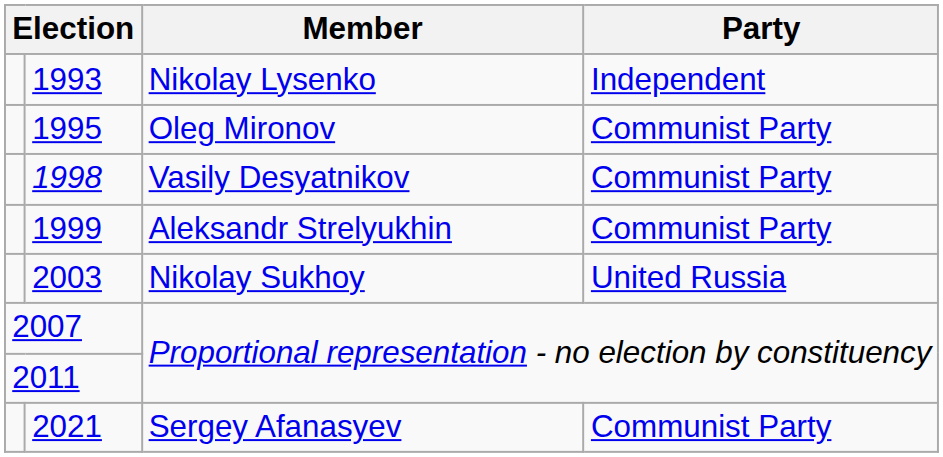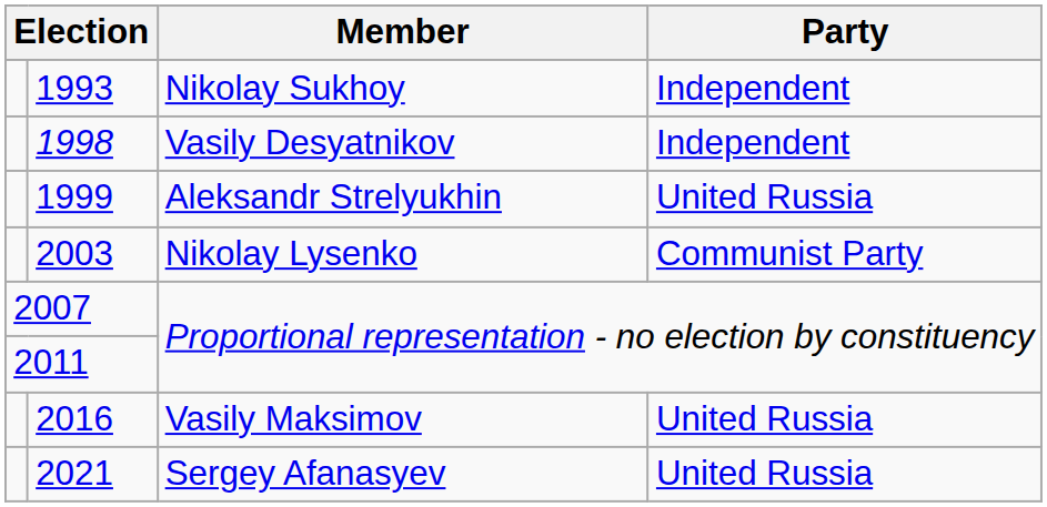 <table class="wikitable">
 <tr>
 <th colspan="2">Election</th>
 <th>Member</th>
 <th>Party</th>
 </tr>
 <tr>
 <td style="background-color: "></td>
 <td><a href='#'>1993</a></td>
-<td><a href='#'>Nikolay Lysenko</a></td>
+<td><a href='#'>Nikolay Sukhoy</a></td>
 <td><a href='#'>Independent</a></td>
-</tr>
-<tr>
-<td style="background-color: "></td>
-<td><a href='#'>1995</a></td>
-<td><a href='#'>Oleg Mironov</a></td>
-<td><a href='#'>Communist Party</a></td>
 </tr>
 <tr>
 <td style="background-color:"></td>
 <td><em><a href='#'>1998</a></em></td>
 <td><a href='#'>Vasily Desyatnikov</a></td>
-<td><a href='#'>Communist Party</a></td>
+<td><a href='#'>Independent</a></td>
 </tr>
 <tr>
 <td style="background-color: "></td>
 <td><a href='#'>1999</a></td>
 <td><a href='#'>Aleksandr Strelyukhin</a></td>
-<td><a href='#'>Communist Party</a></td>
+<td><a href='#'>United Russia</a></td>
 </tr>
 <tr>
 <td style="background-color: "></td>
 <td><a href='#'>2003</a></td>
-<td><a href='#'>Nikolay Sukhoy</a></td>
-<td><a href='#'>United Russia</a></td>
+<td><a href='#'>Nikolay Lysenko</a></td>
+<td><a href='#'>Communist Party</a></td>
 </tr>
 <tr>
 <td colspan=2><a href='#'>2007</a></td>
 <td colspan=2 rowspan=2><em><a href='#'>Proportional representation</a> - no election by constituency</em></td>
 </tr>
 <tr>
 <td colspan=2><a href='#'>2011</a></td>
 </tr>
 <tr>
 <td style="background-color: "></td>
+<td><a href='#'>2016</a></td>
+<td><a href='#'>Vasily Maksimov</a></td>
+<td><a href='#'>United Russia</a></td>
+</tr>
+<tr>
+<td style="background-color: "></td>
 <td><a href='#'>2021</a></td>
 <td><a href='#'>Sergey Afanasyev</a></td>
-<td><a href='#'>Communist Party</a></td>
+<td><a href='#'>United Russia</a></td>
 </tr>
 </table>
